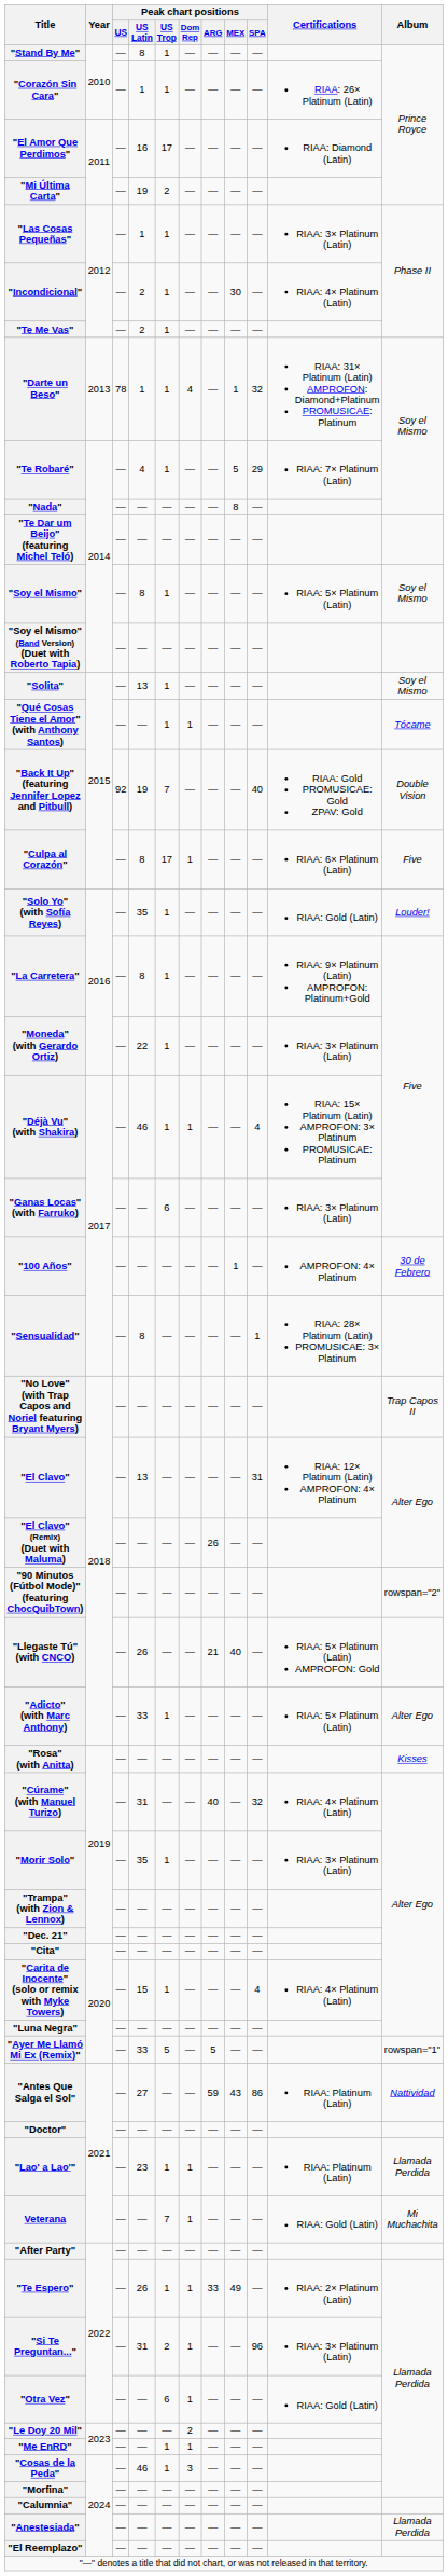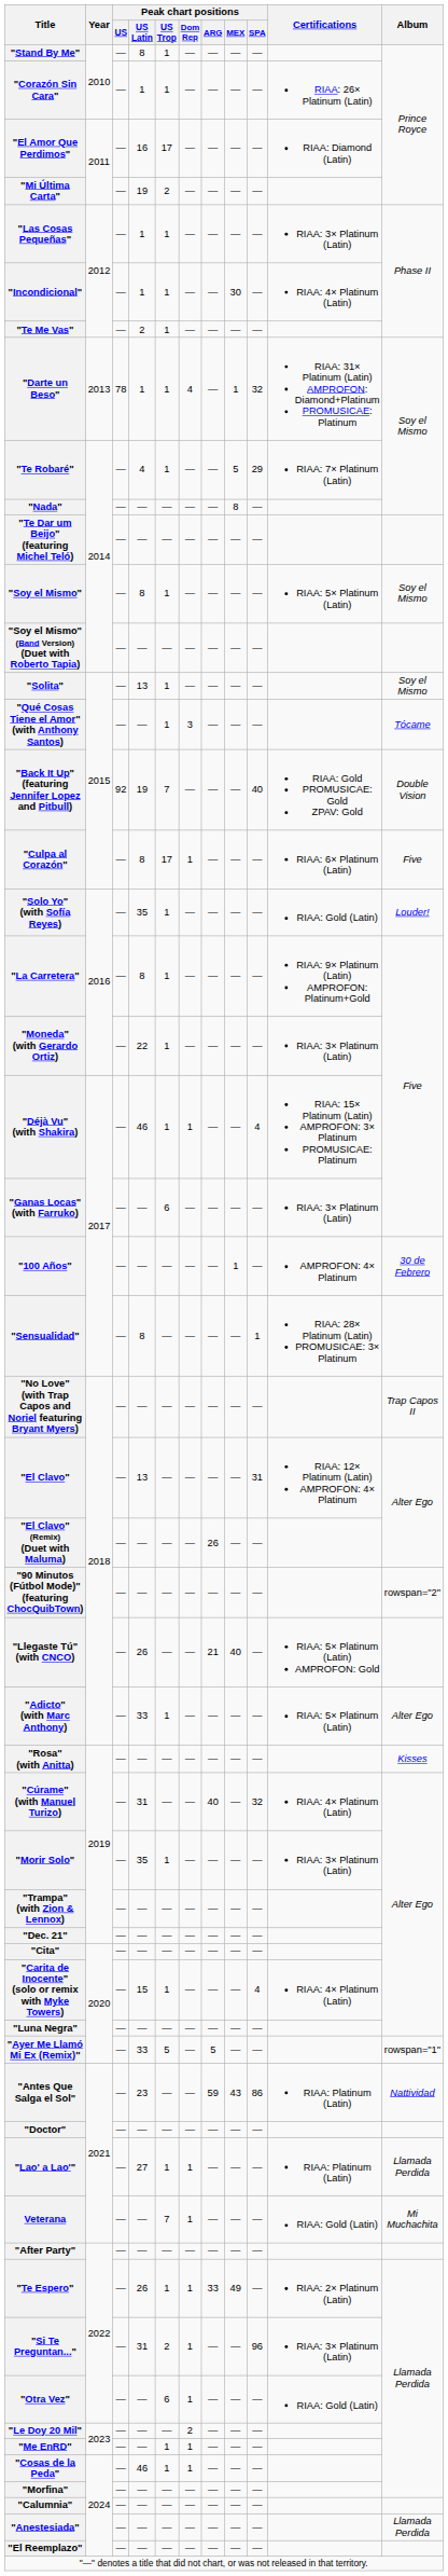 <table class="wikitable plainrowheaders" style="text-align:center;">
 <tr>
 <th scope="col" rowspan="2" style="width:25em;">Title</th>
 <th scope="col" rowspan="2">Year</th>
 <th scope="col" colspan="7">Peak chart positions</th>
 <th scope="col" rowspan="2" style="width:16em;"><a href='#'>Certifications</a></th>
 <th scope="col" rowspan="2">Album</th>
 </tr>
 <tr>
 <th scope="col" style="width:3em;font-size:90%;"><a href='#'>US</a><br></th>
 <th scope="col" style="width:3em;font-size:90%;"><a href='#'>US<br>Latin</a><br></th>
 <th scope="col" style="width:3em;font-size:90%;"><a href='#'>US<br>Trop</a><br></th>
 <th scope="col" style="width:3em;font-size:85%;"><a href='#'>Dom Rep</a><br></th>
 <th scope="col" style="width:3em;font-size:85%;"><a href='#'>ARG</a><br></th>
 <th scope="col" style="width:3em;font-size:85%;"><a href='#'>MEX</a><br></th>
 <th scope="col" style="width:3em;font-size:85%;"><a href='#'>SPA</a><br></th>
 </tr>
 <tr>
 <th scope="row">"<a href='#'>Stand By Me</a>"</th>
 <td rowspan="2">2010</td>
 <td>—</td>
 <td>8</td>
 <td>1</td>
 <td>—</td>
 <td>—</td>
 <td>—</td>
 <td>—</td>
 <td></td>
 <td rowspan="4"><em>Prince Royce</em></td>
 </tr>
 <tr>
 <th scope="row">"<a href='#'>Corazón Sin Cara</a>"</th>
 <td>—</td>
 <td>1</td>
 <td>1</td>
 <td>—</td>
 <td>—</td>
 <td>—</td>
 <td>—</td>
 <td><br><ul><li><a href='#'>RIAA</a>: 26× Platinum <span>(Latin)</span></li></ul></td>
 </tr>
 <tr>
 <th scope="row">"<a href='#'>El Amor Que Perdimos</a>"</th>
 <td rowspan="2">2011</td>
 <td>—</td>
 <td>16</td>
 <td>17</td>
 <td>—</td>
 <td>—</td>
 <td>—</td>
 <td>—</td>
 <td><br><ul><li>RIAA: Diamond <span>(Latin)</span></li></ul></td>
 </tr>
 <tr>
 <th scope="row">"<a href='#'>Mi Última Carta</a>"</th>
 <td>—</td>
 <td>19</td>
 <td>2</td>
 <td>—</td>
 <td>—</td>
 <td>—</td>
 <td>—</td>
 <td></td>
 </tr>
 <tr>
 <th scope="row">"<a href='#'>Las Cosas Pequeñas</a>"</th>
 <td rowspan="3">2012</td>
 <td>—</td>
 <td>1</td>
 <td>1</td>
 <td>—</td>
 <td>—</td>
 <td>—</td>
 <td>—</td>
 <td><br><ul><li>RIAA: 3× Platinum <span>(Latin)</span></li></ul></td>
 <td rowspan="3"><em>Phase II</em></td>
 </tr>
 <tr>
 <th scope="row">"<a href='#'>Incondicional</a>"</th>
 <td>—</td>
-<td>2</td>
+<td>1</td>
 <td>1</td>
 <td>—</td>
 <td>—</td>
 <td>30</td>
 <td>—</td>
 <td><br><ul><li>RIAA: 4× Platinum <span>(Latin)</span></li></ul></td>
 </tr>
 <tr>
 <th scope="row">"<a href='#'>Te Me Vas</a>"</th>
 <td>—</td>
 <td>2</td>
 <td>1</td>
 <td>—</td>
 <td>—</td>
 <td>—</td>
 <td>—</td>
 <td></td>
 </tr>
 <tr>
 <th scope="row">"<a href='#'>Darte un Beso</a>"</th>
 <td rowspan="1">2013</td>
 <td>78</td>
 <td>1</td>
 <td>1</td>
 <td>4</td>
 <td>—</td>
 <td>1</td>
 <td>32</td>
 <td><br><ul><li>RIAA: 31× Platinum <span>(Latin)</span></li><li><a href='#'>AMPROFON</a>: Diamond+Platinum</li><li><a href='#'>PROMUSICAE</a>: Platinum</li></ul></td>
 <td rowspan="3"><em>Soy el Mismo</em></td>
 </tr>
 <tr>
 <th scope="row">"<a href='#'>Te Robaré</a>"</th>
 <td rowspan="5">2014</td>
 <td>—</td>
 <td>4</td>
 <td>1</td>
 <td>—</td>
 <td>—</td>
 <td>5</td>
 <td>29</td>
 <td><br><ul><li>RIAA: 7× Platinum <span>(Latin)</span></li></ul></td>
 </tr>
 <tr>
 <th scope="row">"<a href='#'>Nada</a>"</th>
 <td>—</td>
 <td>—</td>
 <td>—</td>
 <td>—</td>
 <td>—</td>
 <td>8</td>
 <td>—</td>
 <td></td>
 </tr>
 <tr>
 <th scope="row">"<a href='#'>Te Dar um Beijo</a>" <br><span>(featuring <a href='#'>Michel Teló</a>)</span></th>
 <td>—</td>
 <td>—</td>
 <td>—</td>
 <td>—</td>
 <td>—</td>
 <td>—</td>
 <td>—</td>
 <td></td>
 <td></td>
 </tr>
 <tr>
 <th scope="row">"<a href='#'>Soy el Mismo</a>"</th>
 <td>—</td>
 <td>8</td>
 <td>1</td>
 <td>—</td>
 <td>—</td>
 <td>—</td>
 <td>—</td>
 <td><br><ul><li>RIAA: 5× Platinum <span>(Latin)</span></li></ul></td>
 <td><em>Soy el Mismo</em></td>
 </tr>
 <tr>
 <th scope="row">"Soy el Mismo" <small>(<a href='#'>Band</a> Version)</small> <br><span>(Duet with <a href='#'>Roberto Tapia</a>)</span></th>
 <td>—</td>
 <td>—</td>
 <td>—</td>
 <td>—</td>
 <td>—</td>
 <td>—</td>
 <td>—</td>
 <td></td>
 <td></td>
 </tr>
 <tr>
 <th scope="row">"<a href='#'>Solita</a>"</th>
 <td rowspan="4">2015</td>
 <td>—</td>
 <td>13</td>
 <td>1</td>
 <td>—</td>
 <td>—</td>
 <td>—</td>
 <td>—</td>
 <td></td>
 <td><em>Soy el Mismo</em></td>
 </tr>
 <tr>
 <th scope="row">"<a href='#'>Qué Cosas Tiene el Amor</a>" <br><span>(with <a href='#'>Anthony Santos</a>)</span></th>
 <td>—</td>
 <td>—</td>
 <td>1</td>
-<td>1</td>
+<td>3</td>
 <td>—</td>
 <td>—</td>
 <td>—</td>
 <td></td>
 <td><em><a href='#'>Tócame</a></em></td>
 </tr>
 <tr>
 <th scope="row">"<a href='#'>Back It Up</a>" <br><span>(featuring <a href='#'>Jennifer Lopez</a> and <a href='#'>Pitbull</a>)</span></th>
 <td>92</td>
 <td>19</td>
 <td>7</td>
 <td>—</td>
 <td>—</td>
 <td>—</td>
 <td>40</td>
 <td><br><ul><li>RIAA: Gold</li><li>PROMUSICAE: Gold</li><li>ZPAV: Gold</li></ul></td>
 <td><em>Double Vision</em></td>
 </tr>
 <tr>
 <th scope="row">"<a href='#'>Culpa al Corazón</a>"</th>
 <td>—</td>
 <td>8</td>
 <td>17</td>
 <td>1</td>
 <td>—</td>
 <td>—</td>
 <td>—</td>
 <td><br><ul><li>RIAA: 6× Platinum <span>(Latin)</span></li></ul></td>
 <td><em>Five</em></td>
 </tr>
 <tr>
 <th scope="row">"<a href='#'>Solo Yo</a>" <span><br>(with <a href='#'>Sofía Reyes</a>)</span></th>
 <td rowspan="3">2016</td>
 <td>—</td>
 <td>35</td>
 <td>1</td>
 <td>—</td>
 <td>—</td>
 <td>—</td>
 <td>—</td>
 <td><br><ul><li>RIAA: Gold <span>(Latin)</span></li></ul></td>
 <td><em><a href='#'>Louder!</a></em></td>
 </tr>
 <tr>
 <th scope="row">"<a href='#'>La Carretera</a>"</th>
 <td>—</td>
 <td>8</td>
 <td>1</td>
 <td>—</td>
 <td>—</td>
 <td>—</td>
 <td>—</td>
 <td><br><ul><li>RIAA: 9× Platinum <span>(Latin)</span></li><li>AMPROFON: Platinum+Gold</li></ul></td>
 <td rowspan="4"><em>Five</em></td>
 </tr>
 <tr>
 <th scope="row">"<a href='#'>Moneda</a>"<br><span>(with <a href='#'>Gerardo Ortiz</a>)</span></th>
 <td>—</td>
 <td>22</td>
 <td>1</td>
 <td>—</td>
 <td>—</td>
 <td>—</td>
 <td>—</td>
 <td><br><ul><li>RIAA: 3× Platinum <span>(Latin)</span></li></ul></td>
 </tr>
 <tr>
 <th scope="row">"<a href='#'>Déjà Vu</a>"<br><span>(with <a href='#'>Shakira</a>)</span></th>
 <td rowspan="4">2017</td>
 <td>—</td>
 <td>46</td>
 <td>1</td>
 <td>1</td>
 <td>—</td>
 <td>—</td>
 <td>4</td>
 <td><br><ul><li>RIAA: 15× Platinum <span>(Latin)</span></li><li>AMPROFON: 3× Platinum</li><li>PROMUSICAE: Platinum</li></ul></td>
 </tr>
 <tr>
 <th scope="row">"<a href='#'>Ganas Locas</a>"<br><span>(with <a href='#'>Farruko</a>)</span></th>
 <td>—</td>
 <td>—</td>
 <td>6</td>
 <td>—</td>
 <td>—</td>
 <td>—</td>
 <td>—</td>
 <td><br><ul><li>RIAA: 3× Platinum <span>(Latin)</span></li></ul></td>
 </tr>
 <tr>
 <th scope="row">"<a href='#'>100 Años</a>"<br></th>
 <td>—</td>
 <td>—</td>
 <td>—</td>
 <td>—</td>
 <td>—</td>
 <td>1</td>
 <td>—</td>
 <td><br><ul><li>AMPROFON: 4× Platinum</li></ul></td>
 <td><em><a href='#'>30 de Febrero</a></em></td>
 </tr>
 <tr>
 <th scope="row">"<a href='#'>Sensualidad</a>"<br></th>
 <td>—</td>
 <td>8</td>
 <td>—</td>
 <td>—</td>
 <td>—</td>
 <td>—</td>
 <td>1</td>
 <td><br><ul><li>RIAA: 28× Platinum <span>(Latin)</span></li><li>PROMUSICAE: 3× Platinum</li></ul></td>
 <td></td>
 </tr>
 <tr>
 <th scope="row">"No Love"<br><span>(with Trap Capos and <a href='#'>Noriel</a> featuring <a href='#'>Bryant Myers</a>)</span></th>
 <td rowspan="6">2018</td>
 <td>—</td>
 <td>—</td>
 <td>—</td>
 <td>—</td>
 <td>—</td>
 <td>—</td>
 <td>—</td>
 <td></td>
 <td><em>Trap Capos II</em></td>
 </tr>
 <tr>
 <th scope="row">"<a href='#'>El Clavo</a>"</th>
 <td>—</td>
 <td>13</td>
 <td>—</td>
 <td>—</td>
 <td>—</td>
 <td>—</td>
 <td>31<br></td>
 <td><br><ul><li>RIAA: 12× Platinum <span>(Latin)</span></li><li>AMPROFON: 4× Platinum</li></ul></td>
 <td rowspan="2"><em>Alter Ego</em></td>
 </tr>
 <tr>
 <th scope="row">"<a href='#'>El Clavo</a>" <small>(Remix)</small> <br><span>(Duet with <a href='#'>Maluma</a>)</span></th>
 <td>—</td>
 <td>—</td>
 <td>—</td>
 <td>—</td>
 <td>26</td>
 <td>—</td>
 <td>—</td>
 <td></td>
 </tr>
 <tr>
 <th scope="row">"90 Minutos (Fútbol Mode)"<br><span>(featuring <a href='#'>ChocQuibTown</a>)</span></th>
 <td>—</td>
 <td>—</td>
 <td>—</td>
 <td>—</td>
 <td>—</td>
 <td>—</td>
 <td>—</td>
 <td></td>
 <td>rowspan="2" </td>
 </tr>
 <tr>
 <th scope="row">"Llegaste Tú"<br><span>(with <a href='#'>CNCO</a>)</span></th>
 <td>—</td>
 <td>26</td>
 <td>—</td>
 <td>—</td>
 <td>21</td>
 <td>40</td>
 <td>—</td>
 <td><br><ul><li>RIAA: 5× Platinum <span>(Latin)</span></li><li>AMPROFON: Gold</li></ul></td>
 </tr>
 <tr>
 <th scope="row">"<a href='#'>Adicto</a>"<br><span>(with <a href='#'>Marc Anthony</a>)</span></th>
 <td>—</td>
 <td>33</td>
 <td>1</td>
 <td>—</td>
 <td>—</td>
 <td>—</td>
 <td>—</td>
 <td><br><ul><li>RIAA: 5× Platinum <span>(Latin)</span></li></ul></td>
 <td><em>Alter Ego</em></td>
 </tr>
 <tr>
 <th scope="row">"Rosa"<br><span>(with <a href='#'>Anitta</a>)</span></th>
 <td rowspan="5">2019</td>
 <td>—</td>
 <td>—</td>
 <td>—</td>
 <td>—</td>
 <td>—</td>
 <td>—</td>
 <td>—</td>
 <td></td>
 <td><em><a href='#'>Kisses</a></em></td>
 </tr>
 <tr>
 <th scope="row">"<a href='#'>Cúrame</a>"<br><span>(with <a href='#'>Manuel Turizo</a>)</span></th>
 <td>—</td>
 <td>31</td>
 <td>—</td>
 <td>—</td>
 <td>40</td>
 <td>—</td>
 <td>32</td>
 <td><br><ul><li>RIAA: 4× Platinum <span>(Latin)</span></li></ul></td>
 <td rowspan="7"><em>Alter Ego</em></td>
 </tr>
 <tr>
 <th scope="row">"<a href='#'>Morir Solo</a>"</th>
 <td>—</td>
 <td>35</td>
 <td>1</td>
 <td>—</td>
 <td>—</td>
 <td>—</td>
 <td>—</td>
 <td><br><ul><li>RIAA: 3× Platinum <span>(Latin)</span></li></ul></td>
 </tr>
 <tr>
 <th scope="row">"Trampa"<br><span>(with <a href='#'>Zion & Lennox</a>)</span></th>
 <td>—</td>
 <td>—</td>
 <td>—</td>
 <td>—</td>
 <td>—</td>
 <td>—</td>
 <td>—</td>
 <td></td>
 </tr>
 <tr>
 <th scope="row">"Dec. 21"</th>
 <td>—</td>
 <td>—</td>
 <td>—</td>
 <td>—</td>
 <td>—</td>
 <td>—</td>
 <td>—</td>
 <td></td>
 </tr>
 <tr>
 <th scope="row">"Cita"</th>
 <td rowspan="4">2020</td>
 <td>—</td>
 <td>—</td>
 <td>—</td>
 <td>—</td>
 <td>—</td>
 <td>—</td>
 <td>—</td>
 <td></td>
 </tr>
 <tr>
 <th scope="row">"<a href='#'>Carita de Inocente</a>"<br><span>(solo or remix with <a href='#'>Myke Towers</a>)</span></th>
 <td>—</td>
 <td>15</td>
 <td>1</td>
 <td>—</td>
 <td>—</td>
 <td>—</td>
 <td>4<br></td>
 <td><br><ul><li>RIAA: 4× Platinum <span>(Latin)</span></li></ul></td>
 </tr>
 <tr>
 <th scope="row">"Luna Negra"</th>
 <td>—</td>
 <td>—</td>
 <td>—</td>
 <td>—</td>
 <td>—</td>
 <td>—</td>
 <td>—</td>
 <td></td>
 </tr>
 <tr>
 <th scope="row">"<a href='#'>Ayer Me Llamó Mi Ex (Remix)</a>"<br></th>
 <td>—</td>
 <td>33</td>
 <td>5</td>
 <td>—</td>
 <td>5</td>
 <td>—</td>
 <td>—</td>
 <td></td>
 <td>rowspan="1" </td>
 </tr>
 <tr>
 <th scope="row">"Antes Que Salga el Sol"<br></th>
 <td rowspan="4">2021</td>
 <td>—</td>
-<td>27</td>
+<td>23</td>
 <td>—</td>
 <td>—</td>
 <td>59</td>
 <td>43</td>
 <td>86</td>
 <td><br><ul><li>RIAA: Platinum <span>(Latin)</span></li></ul></td>
 <td rowspan="1"><em><a href='#'>Nattividad</a></em></td>
 </tr>
 <tr>
 <th scope="row">"Doctor"<br></th>
 <td>—</td>
 <td>—</td>
 <td>—</td>
 <td>—</td>
 <td>—</td>
 <td>—</td>
 <td>—</td>
 <td></td>
 <td></td>
 </tr>
 <tr>
 <th scope="row">"<a href='#'>Lao' a Lao'</a>"</th>
 <td>—</td>
-<td>23</td>
+<td>27</td>
 <td>1</td>
 <td>1</td>
 <td>—</td>
 <td>—</td>
 <td>—</td>
 <td><br><ul><li>RIAA: Platinum <span>(Latin)</span></li></ul></td>
 <td><em>Llamada Perdida</em></td>
 </tr>
 <tr>
 <th scope="row"><a href='#'>Veterana</a> <br></th>
 <td>—</td>
 <td>—</td>
 <td>7</td>
 <td>1</td>
 <td>—</td>
 <td>—</td>
 <td>—</td>
 <td><br><ul><li>RIAA: Gold <span>(Latin)</span></li></ul></td>
 <td><em>Mi Muchachita</em></td>
 </tr>
 <tr>
 <th scope="row">"After Party"<br></th>
 <td rowspan="4">2022</td>
 <td>—</td>
 <td>—</td>
 <td>—</td>
 <td>—</td>
 <td>—</td>
 <td>—</td>
 <td>—</td>
 <td></td>
 <td></td>
 </tr>
 <tr>
 <th scope="row">"<a href='#'>Te Espero</a>"<br></th>
 <td>—</td>
 <td>26</td>
 <td>1</td>
 <td>1</td>
 <td>33</td>
 <td>49</td>
 <td>—</td>
 <td><br><ul><li>RIAA: 2× Platinum <span>(Latin)</span></li></ul></td>
 <td rowspan="7"><em>Llamada Perdida</em></td>
 </tr>
 <tr>
 <th scope="row">"<a href='#'>Si Te Preguntan...</a>"<br></th>
 <td>—</td>
 <td>31</td>
 <td>2</td>
 <td>1</td>
 <td>—</td>
 <td>—</td>
 <td>96<br></td>
 <td><br><ul><li>RIAA: 3× Platinum <span>(Latin)</span></li></ul></td>
 </tr>
 <tr>
 <th scope="row">"<a href='#'>Otra Vez</a>"</th>
 <td>—</td>
 <td>—</td>
 <td>6</td>
 <td>1</td>
 <td>—</td>
 <td>—</td>
 <td>—</td>
 <td><br><ul><li>RIAA: Gold <span>(Latin)</span></li></ul></td>
 </tr>
 <tr>
 <th scope="row">"<a href='#'>Le Doy 20 Mil</a>"<br></th>
 <td rowspan=2>2023</td>
 <td>—</td>
 <td>—</td>
 <td>—</td>
 <td>2</td>
 <td>—</td>
 <td>—</td>
 <td>—</td>
 <td></td>
 </tr>
 <tr>
 <th scope="row">"<a href='#'>Me EnRD</a>"</th>
 <td>—</td>
 <td>—</td>
 <td>1</td>
 <td>1</td>
 <td>—</td>
 <td>—</td>
 <td>—</td>
 <td></td>
 </tr>
 <tr>
 <th scope="row">"<a href='#'>Cosas de la Peda</a>"<br></th>
 <td rowspan=5>2024</td>
 <td>—</td>
 <td>46</td>
 <td>1</td>
-<td>3</td>
+<td>1</td>
 <td>—</td>
 <td>—</td>
 <td>—</td>
 <td></td>
 </tr>
 <tr>
 <th scope="row">"Morfina"<br></th>
 <td>—</td>
 <td>—</td>
 <td>—</td>
 <td>—</td>
 <td>—</td>
 <td>—</td>
 <td>—</td>
 <td></td>
 </tr>
 <tr>
 <th scope="row">"Calumnia"<br></th>
 <td>—</td>
 <td>—</td>
 <td>—</td>
 <td>—</td>
 <td>—</td>
 <td>—</td>
 <td>—</td>
 <td></td>
 <td></td>
 </tr>
 <tr>
 <th scope="row">"<a href='#'>Anestesiada</a>"<br></th>
 <td>—</td>
 <td>—</td>
 <td>—</td>
 <td>—</td>
 <td>—</td>
 <td>—</td>
 <td>—</td>
 <td></td>
 <td><em>Llamada Perdida</em></td>
 </tr>
 <tr>
 <th scope="row">"El Reemplazo"<br></th>
 <td>—</td>
 <td>—</td>
 <td>—</td>
 <td>—</td>
 <td>—</td>
 <td>—</td>
 <td>—</td>
 <td></td>
 <td></td>
 </tr>
 <tr>
 <td colspan="12" style="font-size:90%">"—" denotes a title that did not chart, or was not released in that territory.</td>
 </tr>
 </table>
